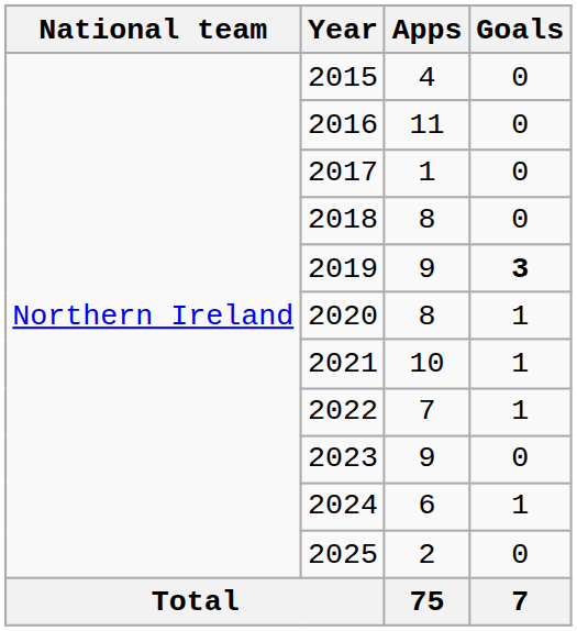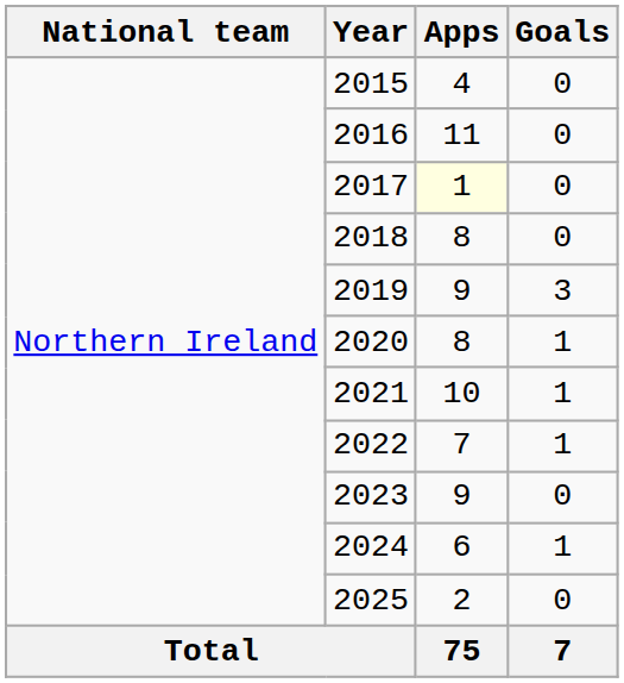 <table class=wikitable style="text-align: center">
 <tr>
 <th>National team</th>
 <th>Year</th>
 <th>Apps</th>
 <th>Goals</th>
 </tr>
 <tr>
 <td rowspan="11"><a href='#'>Northern Ireland</a></td>
 <td>2015</td>
 <td>4</td>
 <td>0</td>
 </tr>
 <tr>
 <td>2016</td>
 <td>11</td>
 <td>0</td>
 </tr>
 <tr>
 <td>2017</td>
-<td>1</td>
+<td style="background: lightyellow;">1</td>
 <td>0</td>
 </tr>
 <tr>
 <td>2018</td>
 <td>8</td>
 <td>0</td>
 </tr>
 <tr>
 <td>2019</td>
 <td>9</td>
-<td><strong>3</strong></td>
+<td>3</td>
 </tr>
 <tr>
 <td>2020</td>
 <td>8</td>
 <td>1</td>
 </tr>
 <tr>
 <td>2021</td>
 <td>10</td>
 <td>1</td>
 </tr>
 <tr>
 <td>2022</td>
 <td>7</td>
 <td>1</td>
 </tr>
 <tr>
 <td>2023</td>
 <td>9</td>
 <td>0</td>
 </tr>
 <tr>
 <td>2024</td>
 <td>6</td>
 <td>1</td>
 </tr>
 <tr>
 <td>2025</td>
 <td>2</td>
 <td>0</td>
 </tr>
 <tr>
 <th colspan="2">Total</th>
 <th>75</th>
 <th>7</th>
 </tr>
 </table>
